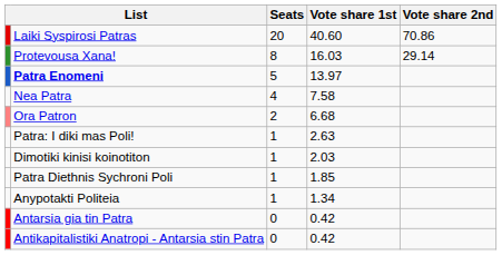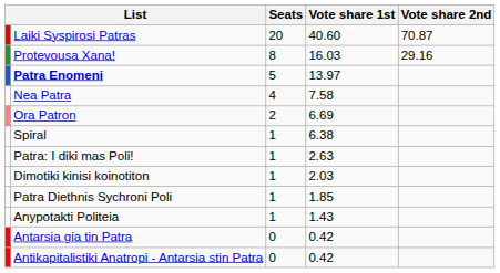 <table class="wikitable">
 <tr>
 <th colspan="2">List</th>
 <th>Seats</th>
 <th><strong>Vote share</strong> 1st</th>
 <th>Vote share 2nd</th>
 </tr>
 <tr>
 <td style="background-color:#e30301"></td>
 <td><a href='#'>Laiki Syspirosi Patras</a></td>
 <td>20</td>
 <td>40.60</td>
-<td>70.86</td>
+<td>70.87</td>
 </tr>
 <tr>
 <td style="background-color:#2D902D"></td>
 <td><a href='#'>Protevousa Xana!</a></td>
 <td>8</td>
 <td>16.03</td>
-<td>29.14</td>
+<td>29.16</td>
 </tr>
 <tr>
 <td style="background-color:#1b5cc7"></td>
 <td><a href='#'><strong>Patra Enomeni</strong></a></td>
 <td>5</td>
 <td>13.97</td>
 <td></td>
 </tr>
 <tr>
 <td style="background-color:#99999"></td>
 <td><a href='#'>Nea Patra</a></td>
 <td>4</td>
 <td>7.58</td>
 <td></td>
 </tr>
 <tr>
 <td style="background-color:#ff8080"></td>
 <td><a href='#'>Ora Patron</a></td>
 <td>2</td>
-<td>6.68</td>
+<td>6.69</td>
+<td></td>
+</tr>
+<tr>
+<td style="background-color:#99999"></td>
+<td>Spiral</td>
+<td>1</td>
+<td>6.38</td>
 <td></td>
 </tr>
 <tr>
 <td style="background-color:#99999"></td>
 <td>Patra: I diki mas Poli!</td>
 <td>1</td>
 <td>2.63</td>
 <td></td>
 </tr>
 <tr>
 <td style="background-color:#99999"></td>
 <td>Dimotiki kinisi koinotiton</td>
 <td>1</td>
 <td>2.03</td>
 <td></td>
 </tr>
 <tr>
 <td style="background-color:#99999"></td>
 <td>Patra Diethnis Sychroni Poli</td>
 <td>1</td>
 <td>1.85</td>
 <td></td>
 </tr>
 <tr>
 <td></td>
 <td>Anypotakti Politeia</td>
 <td>1</td>
-<td>1.34</td>
+<td>1.43</td>
 <td></td>
 </tr>
 <tr>
 <td style="background-color:red"></td>
 <td><a href='#'>Antarsia gia tin Patra</a></td>
 <td>0</td>
 <td>0.42</td>
 <td></td>
 </tr>
 <tr>
 <td style="background-color:#FF0000"></td>
 <td><a href='#'>Antikapitalistiki Anatropi - Antarsia stin Patra</a></td>
 <td>0</td>
 <td>0.42</td>
 <td></td>
 </tr>
 </table>
